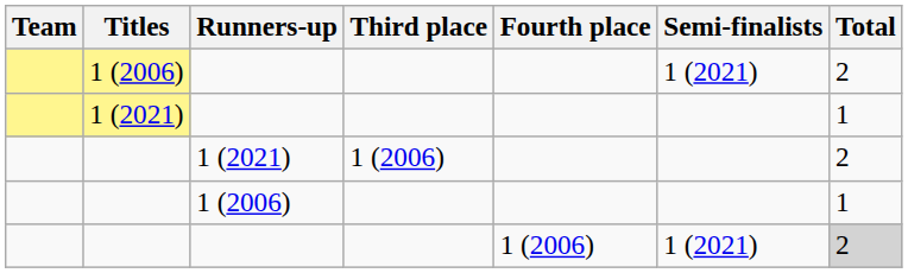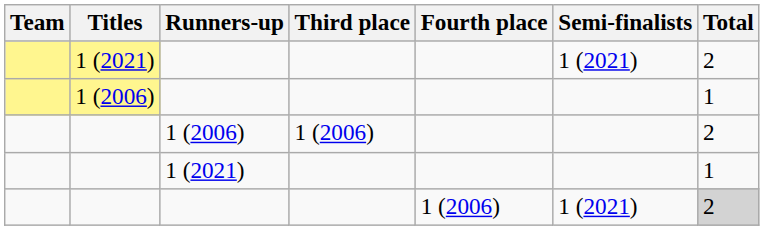 <table class="wikitable sortable">
 <tr>
 <th>Team</th>
 <th>Titles</th>
 <th>Runners-up</th>
 <th>Third place</th>
 <th>Fourth place</th>
 <th>Semi-finalists</th>
 <th>Total</th>
 </tr>
 <tr>
 <td style="background:#fff68f"></td>
-<td style="background:#fff68f">1 (<a href='#'>2006</a>)</td>
+<td style="background:#fff68f">1 (<a href='#'>2021</a>)</td>
 <td></td>
 <td></td>
 <td></td>
 <td>1 (<a href='#'>2021</a>)</td>
 <td>2</td>
 </tr>
 <tr>
 <td style="background:#fff68f"></td>
-<td style="background:#fff68f">1 (<a href='#'>2021</a>)</td>
+<td style="background:#fff68f">1 (<a href='#'>2006</a>)</td>
 <td></td>
 <td></td>
 <td></td>
 <td></td>
 <td>1</td>
 </tr>
 <tr>
 <td></td>
 <td></td>
-<td>1 (<a href='#'>2021</a>)</td>
+<td>1 (<a href='#'>2006</a>)</td>
 <td>1 (<a href='#'>2006</a>)</td>
 <td></td>
 <td></td>
 <td>2</td>
 </tr>
 <tr>
 <td></td>
 <td></td>
-<td>1 (<a href='#'>2006</a>)</td>
+<td>1 (<a href='#'>2021</a>)</td>
 <td></td>
 <td></td>
 <td></td>
 <td>1</td>
 </tr>
 <tr>
 <td></td>
 <td></td>
 <td></td>
 <td></td>
 <td>1 (<a href='#'>2006</a>)</td>
 <td>1 (<a href='#'>2021</a>)</td>
 <td style="background: lightgrey;">2</td>
 </tr>
 </table>
